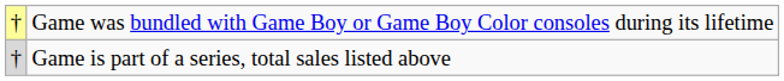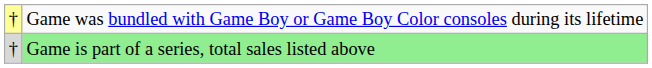 <table class="wikitable plainrowheaders">
 <tr>
 <td bgcolor="#FFFF99" style="text-align:center;">†</td>
 <td>Game was <a href='#'>bundled with Game Boy or Game Boy Color consoles</a> during its lifetime</td>
 </tr>
 <tr>
 <td bgcolor="#D8D8D8" style="text-align:center;">†</td>
-<td>Game is part of a series, total sales listed above</td>
+<td style="background: lightgreen;">Game is part of a series, total sales listed above</td>
 </tr>
 </table>
